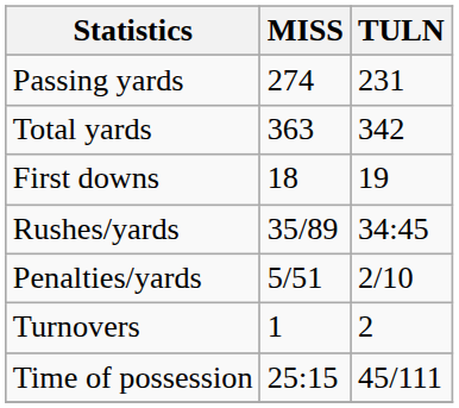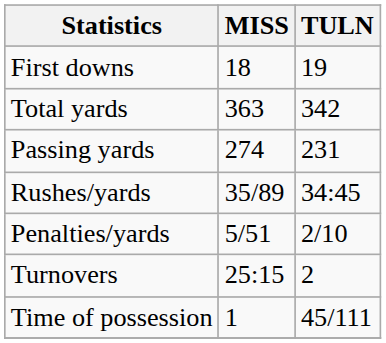 <table class="wikitable" style="float: left;">
 <tr>
 <th>Statistics</th>
 <th>MISS</th>
 <th>TULN</th>
 </tr>
 <tr>
-<td>Passing yards</td>
-<td>274</td>
-<td>231</td>
+<td>First downs</td>
+<td>18</td>
+<td>19</td>
 </tr>
 <tr>
 <td>Total yards</td>
 <td>363</td>
 <td>342</td>
 </tr>
 <tr>
-<td>First downs</td>
-<td>18</td>
-<td>19</td>
+<td>Passing yards</td>
+<td>274</td>
+<td>231</td>
 </tr>
 <tr>
 <td>Rushes/yards</td>
 <td>35/89</td>
 <td>34:45</td>
 </tr>
 <tr>
 <td>Penalties/yards</td>
 <td>5/51</td>
 <td>2/10</td>
 </tr>
 <tr>
 <td>Turnovers</td>
-<td>1</td>
+<td>25:15</td>
 <td>2</td>
 </tr>
 <tr>
 <td>Time of possession</td>
-<td>25:15</td>
+<td>1</td>
 <td>45/111</td>
 </tr>
 <tr>
 </tr>
 </table>
